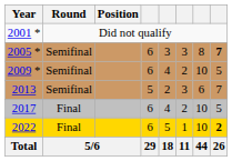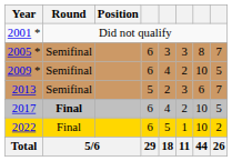 <table class="wikitable" style="text-align: center;">
 <tr>
 <th>Year</th>
 <th>Round</th>
 <th>Position</th>
 <th width="15"></th>
 <th width="15"></th>
 <th width="15"></th>
 <th></th>
 <th></th>
 </tr>
 <tr>
 <td> <a href='#'>2001</a> *</td>
 <td colspan="7">Did not qualify</td>
 </tr>
 <tr bgcolor=cc9966>
 <td> <a href='#'>2005</a> *</td>
 <td>Semifinal</td>
 <td></td>
 <td>6</td>
 <td>3</td>
 <td>3</td>
 <td>8</td>
-<td><strong>7</strong></td>
+<td>7</td>
 </tr>
 <tr bgcolor=cc9966>
 <td> <a href='#'>2009</a> *</td>
 <td>Semifinal</td>
 <td></td>
 <td>6</td>
 <td>4</td>
 <td>2</td>
 <td>10</td>
 <td>5</td>
 </tr>
 <tr bgcolor=cc9966>
 <td> <a href='#'>2013</a></td>
 <td>Semifinal</td>
 <td></td>
 <td>5</td>
 <td>2</td>
 <td>3</td>
 <td>6</td>
 <td>7</td>
 </tr>
 <tr bgcolor="silver">
 <td> <a href='#'>2017</a></td>
-<td>Final</td>
+<td><strong>Final</strong></td>
 <td></td>
 <td>6</td>
 <td>4</td>
 <td>2</td>
 <td>10</td>
 <td>5</td>
 </tr>
 <tr bgcolor="gold">
 <td> <a href='#'>2022</a></td>
 <td>Final</td>
 <td></td>
 <td>6</td>
 <td>5</td>
 <td>1</td>
 <td>10</td>
-<td><strong>2</strong></td>
+<td>2</td>
 </tr>
 <tr>
 <th>Total</th>
 <th colspan="2">5/6</th>
 <th>29</th>
 <th>18</th>
 <th>11</th>
 <th>44</th>
 <th>26</th>
 </tr>
 </table>
